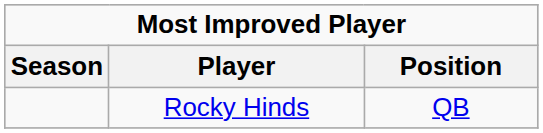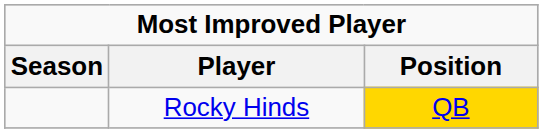 <table class="wikitable sortable" style="text-align:center">
 <tr>
 <td colspan="4"><strong>Most Improved Player</strong></td>
 </tr>
 <tr>
 <th style="width:50px; ">Season</th>
 <th style="width:150px; ">Player</th>
 <th style="width:100px; ">Position</th>
 </tr>
 <tr>
 <td></td>
 <td><a href='#'>Rocky Hinds</a></td>
-<td><a href='#'>QB</a></td>
+<td style="background: gold;"><a href='#'>QB</a></td>
 </tr>
 </table>
